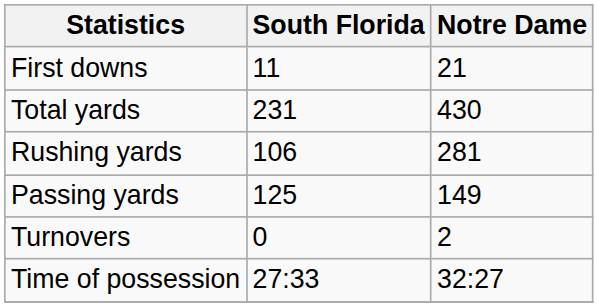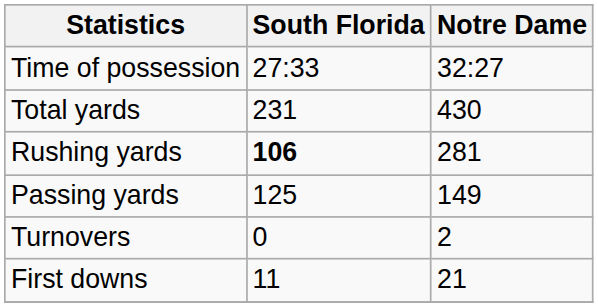 <table class="wikitable">
 <tr>
 <th>Statistics</th>
 <th>South Florida</th>
 <th>Notre Dame</th>
 </tr>
 <tr>
-<td>First downs</td>
-<td>11</td>
-<td>21</td>
+<td>Time of possession</td>
+<td>27:33</td>
+<td>32:27</td>
 </tr>
 <tr>
 <td>Total yards</td>
 <td>231</td>
 <td>430</td>
 </tr>
 <tr>
 <td>Rushing yards</td>
-<td>106</td>
+<td><strong>106</strong></td>
 <td>281</td>
 </tr>
 <tr>
 <td>Passing yards</td>
 <td>125</td>
 <td>149</td>
 </tr>
 <tr>
 <td>Turnovers</td>
 <td>0</td>
 <td>2</td>
 </tr>
 <tr>
-<td>Time of possession</td>
-<td>27:33</td>
-<td>32:27</td>
+<td>First downs</td>
+<td>11</td>
+<td>21</td>
 </tr>
 <tr>
 </tr>
 </table>
